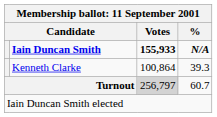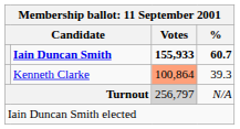 <table class="wikitable" style="font-size:95%;">
 <tr>
 <th colspan="4">Membership ballot: 11 September 2001</th>
 </tr>
 <tr>
 <th colspan="2" style="width: 170px">Candidate</th>
 <th style="width: 50px">Votes</th>
 <th style="width: 40px">%</th>
 </tr>
 <tr style="font-weight:bold;">
 <th style="background-color: "></th>
 <td style="width: 170px"><a href='#'>Iain Duncan Smith</a></td>
 <td style="text-align:right;">155,933</td>
-<td align="right"><em>N/A</em></td>
+<td style="text-align:right;">60.7</td>
 </tr>
 <tr>
 <th style="background-color: "></th>
 <td style="width: 170px"><a href='#'>Kenneth Clarke</a></td>
-<td style="text-align:right;">100,864</td>
+<td style="background: lightsalmon; text-align:right;">100,864</td>
 <td style="text-align:right;">39.3</td>
 </tr>
 <tr>
 <th style="text-align:right;" colspan="2">Turnout</th>
 <td style="background: lightgrey; text-align:right;">256,797</td>
-<td style="text-align:right;">60.7</td>
+<td align="right"><em>N/A</em></td>
 </tr>
 <tr>
 <td colspan="4">Iain Duncan Smith elected</td>
 </tr>
 </table>
